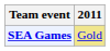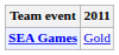 <table class="wikitable" style="font-size: 90%; text-align:center">
 <tr>
 <th>Team event</th>
 <th>2011</th>
 </tr>
 <tr>
 <td bgcolor="#ECF2FF"; align="left"><strong><a href='#'>SEA Games</a></strong></td>
-<td style="background: khaki;"> <a href='#'>Gold</a></td>
+<td> <a href='#'>Gold</a></td>
 </tr>
 </table>
